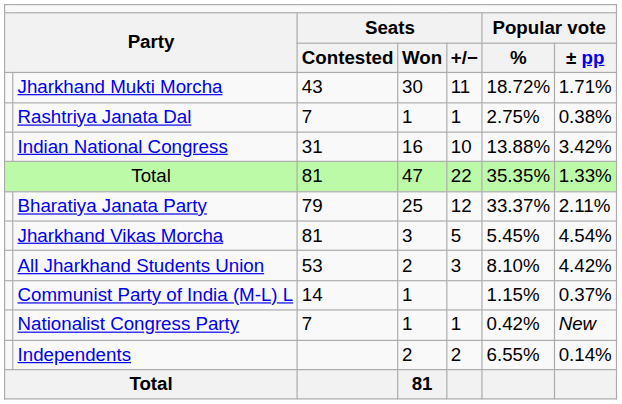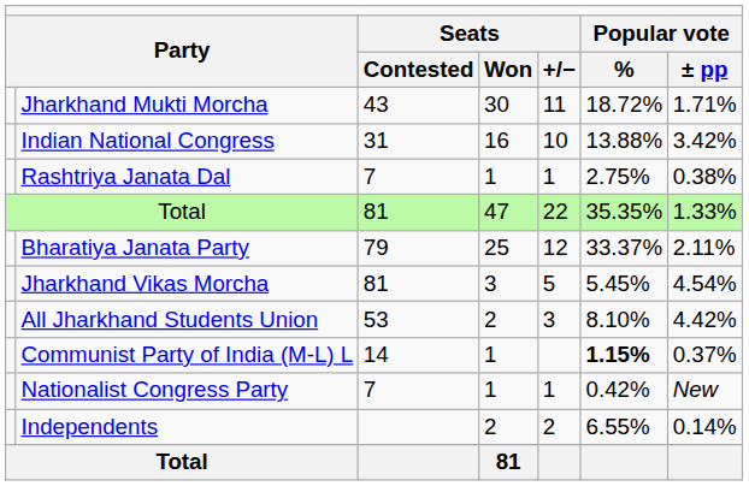 <table class="wikitable">
 <tr>
 <td colspan="7"></td>
 </tr>
 <tr>
 <th colspan="2" rowspan="2">Party</th>
 <th colspan="3">Seats</th>
 <th colspan="2">Popular vote</th>
 </tr>
 <tr>
 <th>Contested</th>
 <th>Won</th>
 <th><strong>+/−</strong></th>
 <th>%</th>
 <th>± <a href='#'>pp</a></th>
 </tr>
 <tr>
 <td style="background-color: "></td>
 <td><a href='#'>Jharkhand Mukti Morcha</a></td>
 <td>43</td>
 <td>30</td>
 <td>11</td>
 <td>18.72%</td>
 <td> 1.71%</td>
 </tr>
 <tr>
 <td style="background-color: "></td>
+<td><a href='#'>Indian National Congress</a></td>
+<td>31</td>
+<td>16</td>
+<td>10</td>
+<td>13.88%</td>
+<td> 3.42%</td>
+</tr>
+<tr>
+<td style="background-color: "></td>
 <td><a href='#'>Rashtriya Janata Dal</a></td>
 <td>7</td>
 <td>1</td>
 <td>1</td>
 <td>2.75%</td>
 <td> 0.38%</td>
-</tr>
-<tr>
-<td style="background-color: "></td>
-<td><a href='#'>Indian National Congress</a></td>
-<td>31</td>
-<td>16</td>
-<td>10</td>
-<td>13.88%</td>
-<td> 3.42%</td>
 </tr>
 <tr>
 <td colspan="2" align="center" style="background: #BDFAA7">Total</td>
 <td style="background: #BDFAA7">81</td>
 <td style="background: #BDFAA7">47</td>
 <td style="background: #BDFAA7"> 22</td>
 <td style="background:	#BDFAA7">35.35%</td>
 <td style="background:	#BDFAA7"> 1.33%</td>
 </tr>
 <tr>
 <td style="background-color: "></td>
 <td><a href='#'>Bharatiya Janata Party</a></td>
 <td>79</td>
 <td>25</td>
 <td>12</td>
 <td>33.37%</td>
 <td> 2.11%</td>
 </tr>
 <tr>
 <td style="background-color: "></td>
 <td><a href='#'>Jharkhand Vikas Morcha</a></td>
 <td>81</td>
 <td>3</td>
 <td>5</td>
 <td>5.45%</td>
 <td> 4.54%</td>
 </tr>
 <tr>
 <td style="background-color: "></td>
 <td><a href='#'>All Jharkhand Students Union</a></td>
 <td>53</td>
 <td>2</td>
 <td>3</td>
 <td>8.10%</td>
 <td> 4.42%</td>
 </tr>
 <tr>
 <td style="background-color: "></td>
 <td><a href='#'>Communist Party of India (M-L) L</a></td>
 <td>14</td>
 <td>1</td>
 <td></td>
-<td>1.15%</td>
+<td><strong>1.15%</strong></td>
 <td> 0.37%</td>
 </tr>
 <tr>
 <td style="background-color: "></td>
 <td><a href='#'>Nationalist Congress Party</a></td>
 <td>7</td>
 <td>1</td>
 <td>1</td>
 <td>0.42%</td>
 <td><em>New</em></td>
 </tr>
 <tr>
 <td style="background-color: "></td>
 <td><a href='#'>Independents</a></td>
 <td></td>
 <td>2</td>
 <td>2</td>
 <td>6.55%</td>
 <td> 0.14%</td>
 </tr>
 <tr>
 <th colspan="2">Total</th>
 <th></th>
 <th>81</th>
 <th></th>
 <th></th>
 <th></th>
 </tr>
 </table>
